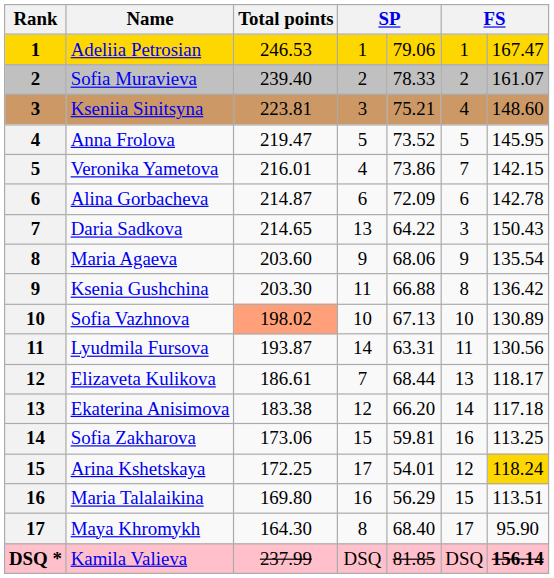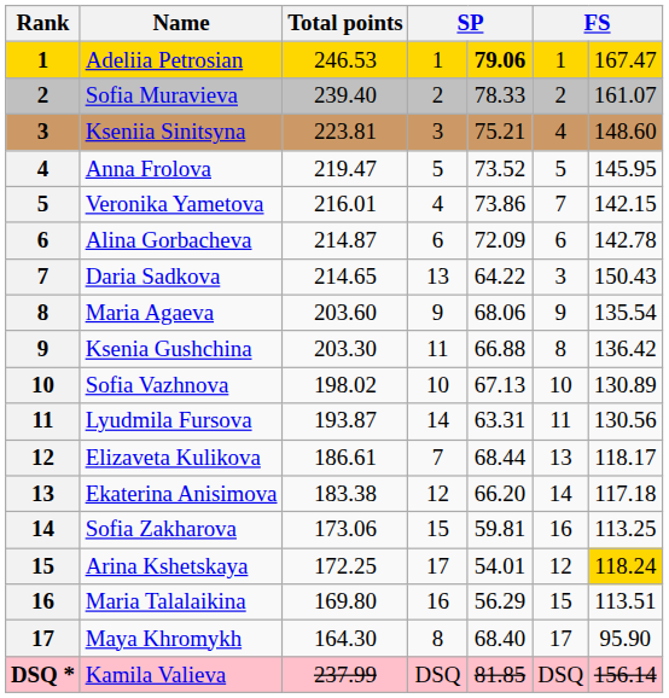 <table class="wikitable sortable">
 <tr>
 <th>Rank</th>
 <th>Name</th>
 <th>Total points</th>
 <th colspan="2" width="80px"><a href='#'>SP</a></th>
 <th colspan="2" width="80px"><a href='#'>FS</a></th>
 </tr>
 <tr bgcolor="gold">
 <td align="center"><strong>1</strong></td>
 <td><a href='#'>Adeliia Petrosian</a></td>
 <td align="center">246.53</td>
 <td align="center">1</td>
-<td align="center">79.06</td>
+<td align="center"><strong>79.06</strong></td>
 <td align="center">1</td>
 <td align="center">167.47</td>
 </tr>
 <tr bgcolor="silver">
 <td align="center"><strong>2</strong></td>
 <td><a href='#'>Sofia Muravieva</a></td>
 <td align="center">239.40</td>
 <td align="center">2</td>
 <td align="center">78.33</td>
 <td align="center">2</td>
 <td align="center">161.07</td>
 </tr>
 <tr bgcolor="cc9966">
 <td align="center"><strong>3</strong></td>
 <td><a href='#'>Kseniia Sinitsyna</a></td>
 <td align="center">223.81</td>
 <td align="center">3</td>
 <td align="center">75.21</td>
 <td align="center">4</td>
 <td align="center">148.60</td>
 </tr>
 <tr>
 <th>4</th>
 <td><a href='#'>Anna Frolova</a></td>
 <td align="center">219.47</td>
 <td align="center">5</td>
 <td align="center">73.52</td>
 <td align="center">5</td>
 <td align="center">145.95</td>
 </tr>
 <tr>
 <th>5</th>
 <td><a href='#'>Veronika Yametova</a></td>
 <td align="center">216.01</td>
 <td align="center">4</td>
 <td align="center">73.86</td>
 <td align="center">7</td>
 <td align="center">142.15</td>
 </tr>
 <tr>
 <th>6</th>
 <td><a href='#'>Alina Gorbacheva</a></td>
 <td align="center">214.87</td>
 <td align="center">6</td>
 <td align="center">72.09</td>
 <td align="center">6</td>
 <td align="center">142.78</td>
 </tr>
 <tr>
 <th>7</th>
 <td><a href='#'>Daria Sadkova</a></td>
 <td align="center">214.65</td>
 <td align="center">13</td>
 <td align="center">64.22</td>
 <td align="center">3</td>
 <td align="center">150.43</td>
 </tr>
 <tr>
 <th>8</th>
 <td><a href='#'>Maria Agaeva</a></td>
 <td align="center">203.60</td>
 <td align="center">9</td>
 <td align="center">68.06</td>
 <td align="center">9</td>
 <td align="center">135.54</td>
 </tr>
 <tr>
 <th>9</th>
 <td><a href='#'>Ksenia Gushchina</a></td>
 <td align="center">203.30</td>
 <td align="center">11</td>
 <td align="center">66.88</td>
 <td align="center">8</td>
 <td align="center">136.42</td>
 </tr>
 <tr>
 <th>10</th>
 <td><a href='#'>Sofia Vazhnova</a></td>
-<td align="center" style="background: lightsalmon;">198.02</td>
+<td align="center">198.02</td>
 <td align="center">10</td>
 <td align="center">67.13</td>
 <td align="center">10</td>
 <td align="center">130.89</td>
 </tr>
 <tr>
 <th>11</th>
 <td><a href='#'>Lyudmila Fursova</a></td>
 <td align="center">193.87</td>
 <td align="center">14</td>
 <td align="center">63.31</td>
 <td align="center">11</td>
 <td align="center">130.56</td>
 </tr>
 <tr>
 <th>12</th>
 <td><a href='#'>Elizaveta Kulikova</a></td>
 <td align="center">186.61</td>
 <td align="center">7</td>
 <td align="center">68.44</td>
 <td align="center">13</td>
 <td align="center">118.17</td>
 </tr>
 <tr>
 <th>13</th>
 <td><a href='#'>Ekaterina Anisimova</a></td>
 <td align="center">183.38</td>
 <td align="center">12</td>
 <td align="center">66.20</td>
 <td align="center">14</td>
 <td align="center">117.18</td>
 </tr>
 <tr>
 <th>14</th>
 <td><a href='#'>Sofia Zakharova</a></td>
 <td align="center">173.06</td>
 <td align="center">15</td>
 <td align="center">59.81</td>
 <td align="center">16</td>
 <td align="center">113.25</td>
 </tr>
 <tr>
 <th>15</th>
 <td><a href='#'>Arina Kshetskaya</a></td>
 <td align="center">172.25</td>
 <td align="center">17</td>
 <td align="center">54.01</td>
 <td align="center">12</td>
 <td align="center" style="background: gold;">118.24</td>
 </tr>
 <tr>
 <th>16</th>
 <td><a href='#'>Maria Talalaikina</a></td>
 <td align="center">169.80</td>
 <td align="center">16</td>
 <td align="center">56.29</td>
 <td align="center">15</td>
 <td align="center">113.51</td>
 </tr>
 <tr>
 <th>17</th>
 <td><a href='#'>Maya Khromykh</a></td>
 <td align="center">164.30</td>
 <td align="center">8</td>
 <td align="center">68.40</td>
 <td align="center">17</td>
 <td align="center">95.90</td>
 </tr>
 <tr bgcolor=pink>
 <td align="center" bgcolor=pink><strong>DSQ *</strong></td>
 <td><a href='#'>Kamila Valieva</a></td>
 <td align="center"><s>237.99</s></td>
 <td align="center">DSQ</td>
 <td align="center"><s>81.85</s></td>
 <td align="center">DSQ</td>
-<td align="center"><strong><s>156.14</s></strong></td>
+<td align="center"><s>156.14</s></td>
 </tr>
 </table>
